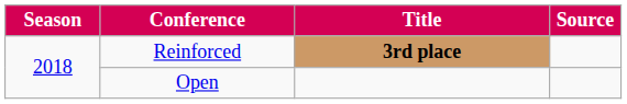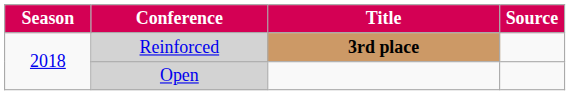 <table class="wikitable">
 <tr>
 <th width=70px style="background: #D40054; color: #FFFFFF; text-align: center">Season</th>
 <th width=150px style="background: #D40054; color: #FFFFFF">Conference</th>
 <th width=200px style="background: #D40054; color: #FFFFFF">Title</th>
 <th width=50px style="background: #D40054; color: #FFFFFF">Source</th>
 </tr>
 <tr align=center>
 <td rowspan=2><a href='#'>2018</a></td>
-<td><a href='#'>Reinforced</a></td>
+<td style="background: lightgrey;"><a href='#'>Reinforced</a></td>
 <td style="background:#cc9966;"><strong>3rd place</strong></td>
 <td></td>
 </tr>
 <tr align=center>
-<td><a href='#'>Open</a></td>
+<td style="background: lightgrey;"><a href='#'>Open</a></td>
 <td></td>
 <td></td>
 </tr>
 </table>
